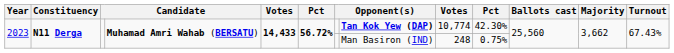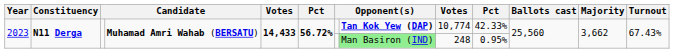 <table class="wikitable" style="margin:0.5em ; font-size:95%">
 <tr>
 <th>Year</th>
 <th>Constituency</th>
 <th colspan=2>Candidate</th>
 <th>Votes</th>
 <th>Pct</th>
 <th colspan=2>Opponent(s)</th>
 <th>Votes</th>
 <th>Pct</th>
 <th>Ballots cast</th>
 <th>Majority</th>
 <th>Turnout</th>
 </tr>
 <tr>
 <td rowspan=2><a href='#'>2023</a></td>
 <td rowspan=2><strong>N11 <a href='#'>Derga</a></strong></td>
 <td rowspan=2 bgcolor=></td>
 <td rowspan=2><strong>Muhamad Amri Wahab</strong> (<a href='#'><strong>BERSATU</strong></a>)</td>
 <td rowspan=2 align=right><strong>14,433</strong></td>
 <td rowspan=2><strong>56.72%</strong></td>
 <td></td>
 <td><strong><a href='#'>Tan Kok Yew</a> (<a href='#'>DAP</a>)</strong></td>
 <td align=right>10,774</td>
-<td>42.30%</td>
+<td>42.33%</td>
 <td rowspan=2>25,560</td>
 <td rowspan=2>3,662</td>
 <td rowspan=2>67.43%</td>
 </tr>
 <tr>
 <td></td>
-<td>Man Basiron (<a href='#'>IND</a>)</td>
+<td style="background: lightgreen;">Man Basiron (<a href='#'>IND</a>)</td>
 <td align=right>248</td>
-<td align=right>0.75%</td>
+<td align=right>0.95%</td>
 </tr>
 </table>
